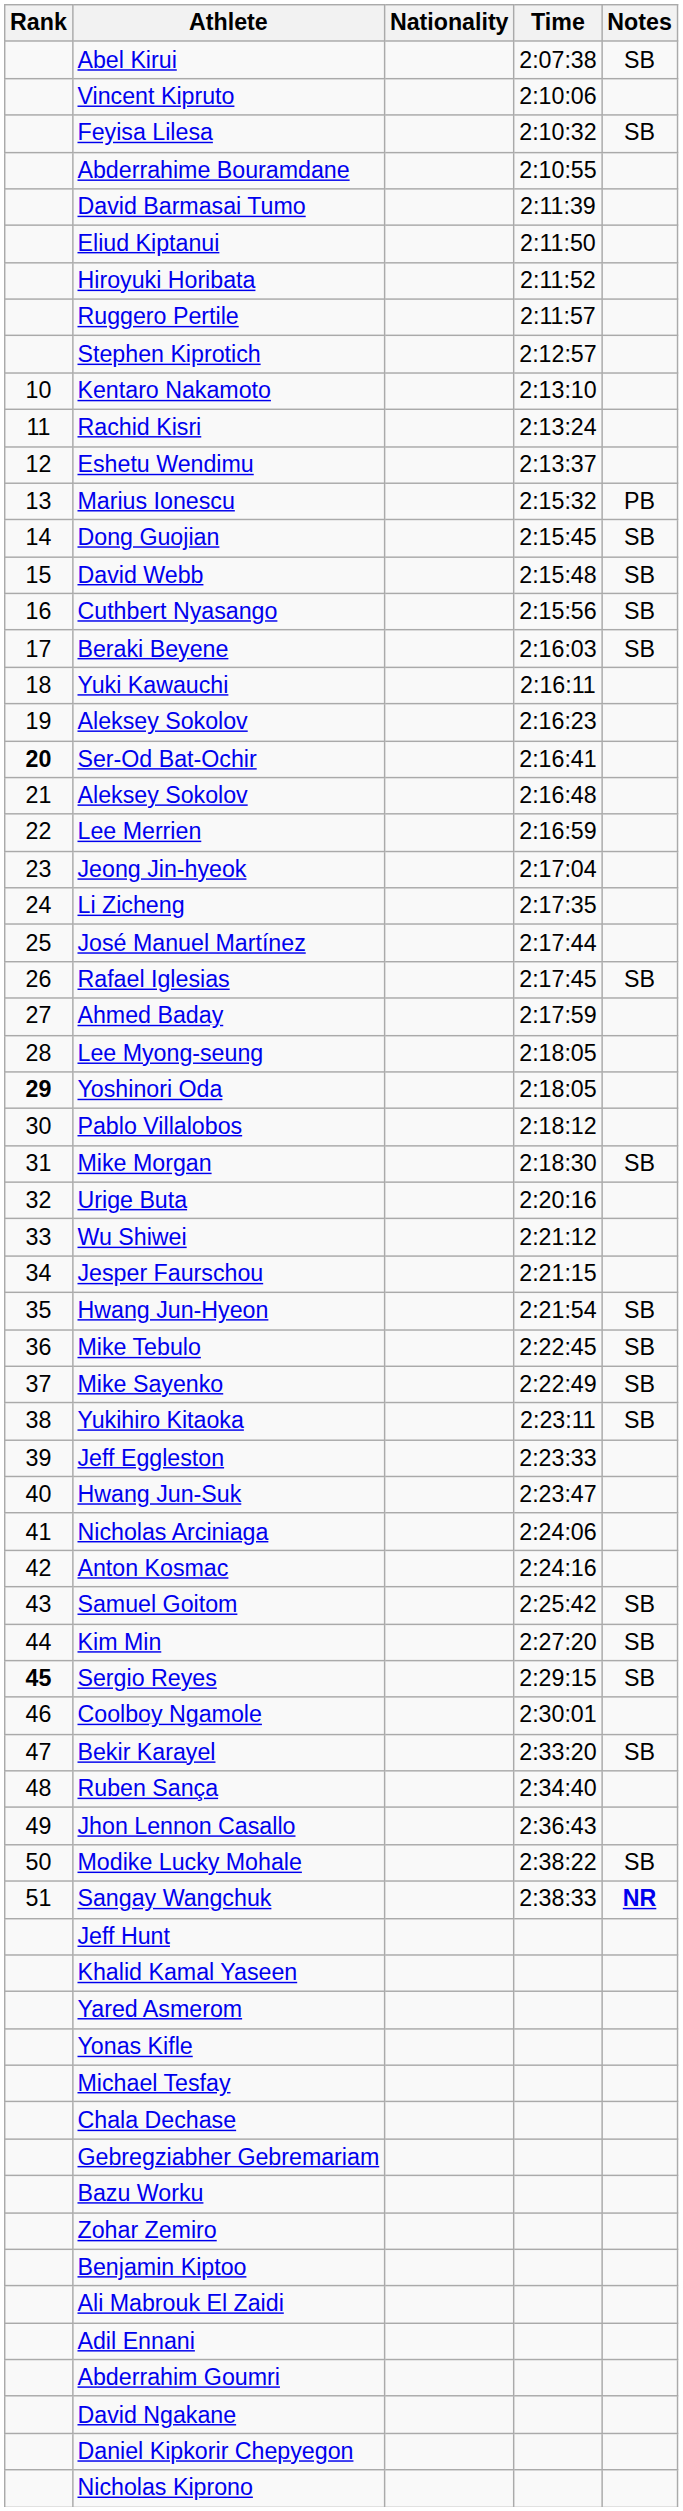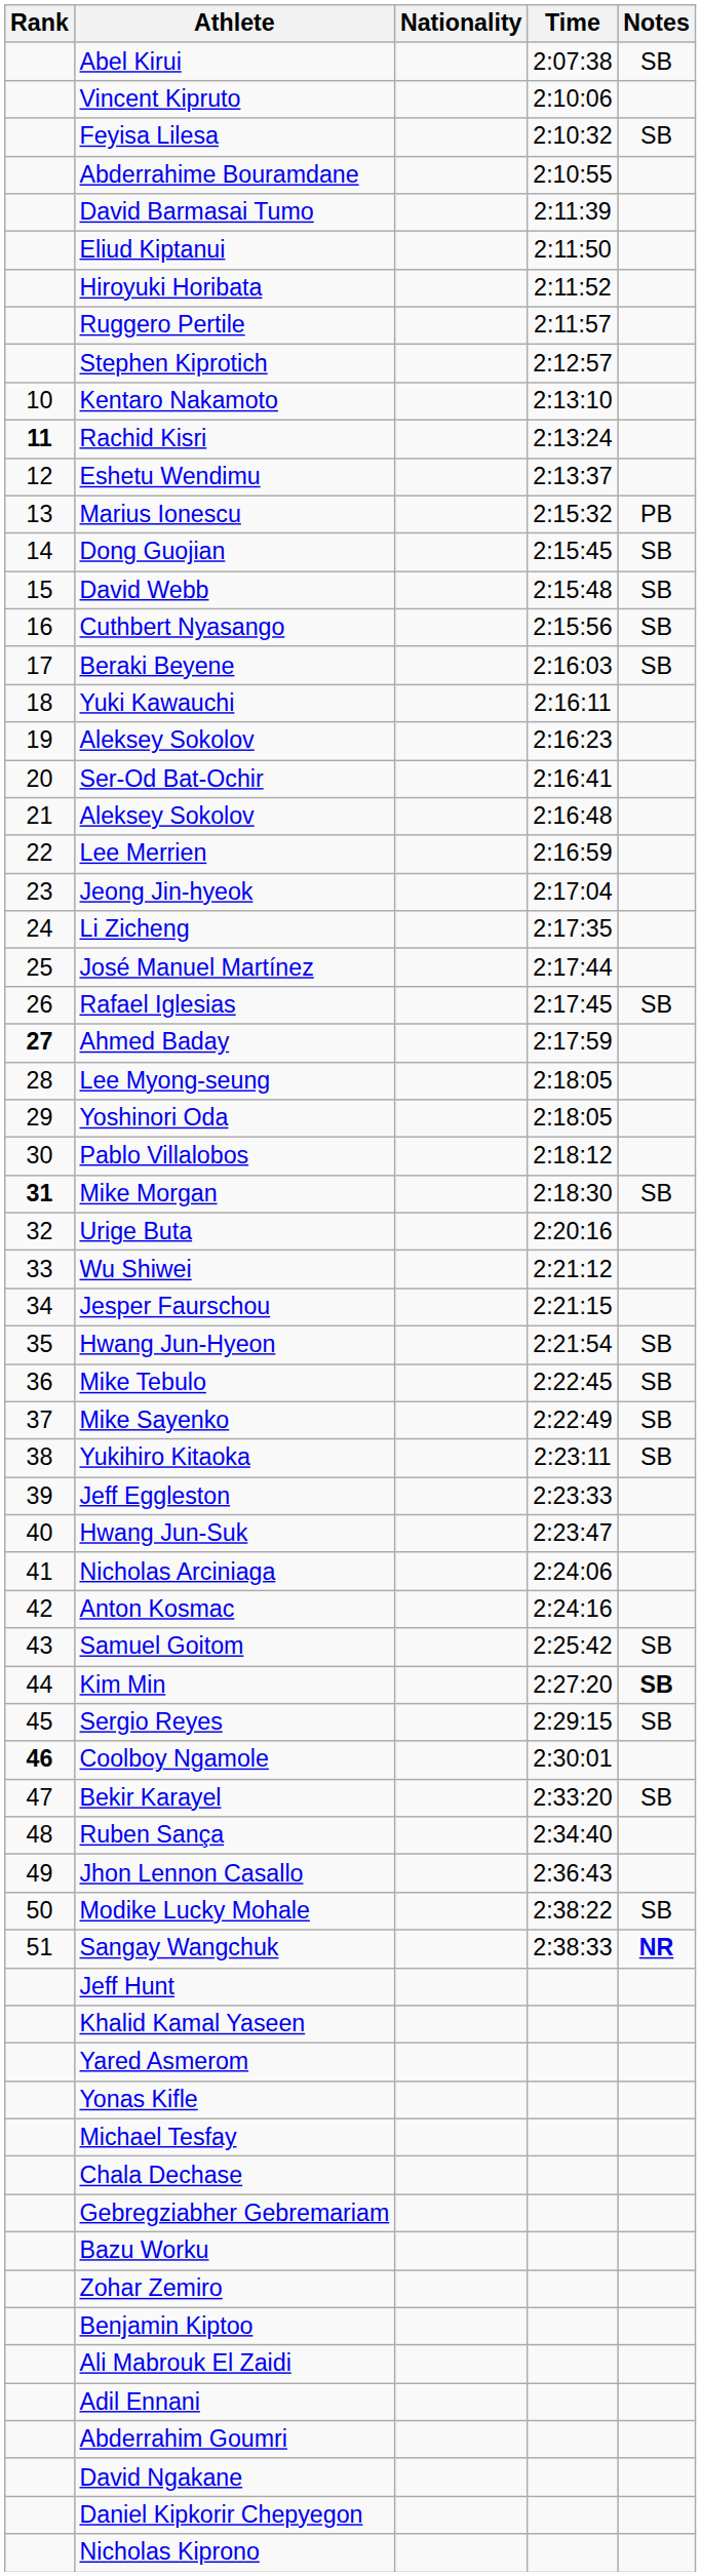 <table class="wikitable sortable" style=text-align:center>
 <tr>
 <th>Rank</th>
 <th>Athlete</th>
 <th>Nationality</th>
 <th>Time</th>
 <th>Notes</th>
 </tr>
 <tr>
 <td></td>
 <td align=left><a href='#'>Abel Kirui</a></td>
 <td align=left></td>
 <td>2:07:38</td>
 <td>SB</td>
 </tr>
 <tr>
 <td></td>
 <td align=left><a href='#'>Vincent Kipruto</a></td>
 <td align=left></td>
 <td>2:10:06</td>
 <td></td>
 </tr>
 <tr>
 <td></td>
 <td align=left><a href='#'>Feyisa Lilesa</a></td>
 <td align=left></td>
 <td>2:10:32</td>
 <td>SB</td>
 </tr>
 <tr>
 <td></td>
 <td align=left><a href='#'>Abderrahime Bouramdane</a></td>
 <td align=left></td>
 <td>2:10:55</td>
 <td></td>
 </tr>
 <tr>
 <td></td>
 <td align=left><a href='#'>David Barmasai Tumo</a></td>
 <td align=left></td>
 <td>2:11:39</td>
 <td></td>
 </tr>
 <tr>
 <td></td>
 <td align=left><a href='#'>Eliud Kiptanui</a></td>
 <td align=left></td>
 <td>2:11:50</td>
 <td></td>
 </tr>
 <tr>
 <td></td>
 <td align=left><a href='#'>Hiroyuki Horibata</a></td>
 <td align=left></td>
 <td>2:11:52</td>
 <td></td>
 </tr>
 <tr>
 <td></td>
 <td align=left><a href='#'>Ruggero Pertile</a></td>
 <td align=left></td>
 <td>2:11:57</td>
 <td></td>
 </tr>
 <tr>
 <td></td>
 <td align=left><a href='#'>Stephen Kiprotich</a></td>
 <td align=left></td>
 <td>2:12:57</td>
 <td></td>
 </tr>
 <tr>
 <td>10</td>
 <td align=left><a href='#'>Kentaro Nakamoto</a></td>
 <td align=left></td>
 <td>2:13:10</td>
 <td></td>
 </tr>
 <tr>
-<td>11</td>
+<td><strong>11</strong></td>
 <td align=left><a href='#'>Rachid Kisri</a></td>
 <td align=left></td>
 <td>2:13:24</td>
 <td></td>
 </tr>
 <tr>
 <td>12</td>
 <td align=left><a href='#'>Eshetu Wendimu</a></td>
 <td align=left></td>
 <td>2:13:37</td>
 <td></td>
 </tr>
 <tr>
 <td>13</td>
 <td align=left><a href='#'>Marius Ionescu</a></td>
 <td align=left></td>
 <td>2:15:32</td>
 <td>PB</td>
 </tr>
 <tr>
 <td>14</td>
 <td align=left><a href='#'>Dong Guojian</a></td>
 <td align=left></td>
 <td>2:15:45</td>
 <td>SB</td>
 </tr>
 <tr>
 <td>15</td>
 <td align=left><a href='#'>David Webb</a></td>
 <td align=left></td>
 <td>2:15:48</td>
 <td>SB</td>
 </tr>
 <tr>
 <td>16</td>
 <td align=left><a href='#'>Cuthbert Nyasango</a></td>
 <td align=left></td>
 <td>2:15:56</td>
 <td>SB</td>
 </tr>
 <tr>
 <td>17</td>
 <td align=left><a href='#'>Beraki Beyene</a></td>
 <td align=left></td>
 <td>2:16:03</td>
 <td>SB</td>
 </tr>
 <tr>
 <td>18</td>
 <td align=left><a href='#'>Yuki Kawauchi</a></td>
 <td align=left></td>
 <td>2:16:11</td>
 <td></td>
 </tr>
 <tr>
 <td>19</td>
 <td align=left><a href='#'>Aleksey Sokolov</a></td>
 <td align=left></td>
 <td>2:16:23</td>
 <td></td>
 </tr>
 <tr>
-<td><strong>20</strong></td>
+<td>20</td>
 <td align=left><a href='#'>Ser-Od Bat-Ochir</a></td>
 <td align=left></td>
 <td>2:16:41</td>
 <td></td>
 </tr>
 <tr>
 <td>21</td>
 <td align=left><a href='#'>Aleksey Sokolov</a></td>
 <td align=left></td>
 <td>2:16:48</td>
 <td></td>
 </tr>
 <tr>
 <td>22</td>
 <td align=left><a href='#'>Lee Merrien</a></td>
 <td align=left></td>
 <td>2:16:59</td>
 <td></td>
 </tr>
 <tr>
 <td>23</td>
 <td align=left><a href='#'>Jeong Jin-hyeok</a></td>
 <td align=left></td>
 <td>2:17:04</td>
 <td></td>
 </tr>
 <tr>
 <td>24</td>
 <td align=left><a href='#'>Li Zicheng</a></td>
 <td align=left></td>
 <td>2:17:35</td>
 <td></td>
 </tr>
 <tr>
 <td>25</td>
 <td align=left><a href='#'>José Manuel Martínez</a></td>
 <td align=left></td>
 <td>2:17:44</td>
 <td></td>
 </tr>
 <tr>
 <td>26</td>
 <td align=left><a href='#'>Rafael Iglesias</a></td>
 <td align=left></td>
 <td>2:17:45</td>
 <td>SB</td>
 </tr>
 <tr>
-<td>27</td>
+<td><strong>27</strong></td>
 <td align=left><a href='#'>Ahmed Baday</a></td>
 <td align=left></td>
 <td>2:17:59</td>
 <td></td>
 </tr>
 <tr>
 <td>28</td>
 <td align=left><a href='#'>Lee Myong-seung</a></td>
 <td align=left></td>
 <td>2:18:05</td>
 <td></td>
 </tr>
 <tr>
-<td><strong>29</strong></td>
+<td>29</td>
 <td align=left><a href='#'>Yoshinori Oda</a></td>
 <td align=left></td>
 <td>2:18:05</td>
 <td></td>
 </tr>
 <tr>
 <td>30</td>
 <td align=left><a href='#'>Pablo Villalobos</a></td>
 <td align=left></td>
 <td>2:18:12</td>
 <td></td>
 </tr>
 <tr>
-<td>31</td>
+<td><strong>31</strong></td>
 <td align=left><a href='#'>Mike Morgan</a></td>
 <td align=left></td>
 <td>2:18:30</td>
 <td>SB</td>
 </tr>
 <tr>
 <td>32</td>
 <td align=left><a href='#'>Urige Buta</a></td>
 <td align=left></td>
 <td>2:20:16</td>
 <td></td>
 </tr>
 <tr>
 <td>33</td>
 <td align=left><a href='#'>Wu Shiwei</a></td>
 <td align=left></td>
 <td>2:21:12</td>
 <td></td>
 </tr>
 <tr>
 <td>34</td>
 <td align=left><a href='#'>Jesper Faurschou</a></td>
 <td align=left></td>
 <td>2:21:15</td>
 <td></td>
 </tr>
 <tr>
 <td>35</td>
 <td align=left><a href='#'>Hwang Jun-Hyeon</a></td>
 <td align=left></td>
 <td>2:21:54</td>
 <td>SB</td>
 </tr>
 <tr>
 <td>36</td>
 <td align=left><a href='#'>Mike Tebulo</a></td>
 <td align=left></td>
 <td>2:22:45</td>
 <td>SB</td>
 </tr>
 <tr>
 <td>37</td>
 <td align=left><a href='#'>Mike Sayenko</a></td>
 <td align=left></td>
 <td>2:22:49</td>
 <td>SB</td>
 </tr>
 <tr>
 <td>38</td>
 <td align=left><a href='#'>Yukihiro Kitaoka</a></td>
 <td align=left></td>
 <td>2:23:11</td>
 <td>SB</td>
 </tr>
 <tr>
 <td>39</td>
 <td align=left><a href='#'>Jeff Eggleston</a></td>
 <td align=left></td>
 <td>2:23:33</td>
 <td></td>
 </tr>
 <tr>
 <td>40</td>
 <td align=left><a href='#'>Hwang Jun-Suk</a></td>
 <td align=left></td>
 <td>2:23:47</td>
 <td></td>
 </tr>
 <tr>
 <td>41</td>
 <td align=left><a href='#'>Nicholas Arciniaga</a></td>
 <td align=left></td>
 <td>2:24:06</td>
 <td></td>
 </tr>
 <tr>
 <td>42</td>
 <td align=left><a href='#'>Anton Kosmac</a></td>
 <td align=left></td>
 <td>2:24:16</td>
 <td></td>
 </tr>
 <tr>
 <td>43</td>
 <td align=left><a href='#'>Samuel Goitom</a></td>
 <td align=left></td>
 <td>2:25:42</td>
 <td>SB</td>
 </tr>
 <tr>
 <td>44</td>
 <td align=left><a href='#'>Kim Min</a></td>
 <td align=left></td>
 <td>2:27:20</td>
-<td>SB</td>
+<td><strong>SB</strong></td>
 </tr>
 <tr>
-<td><strong>45</strong></td>
+<td>45</td>
 <td align=left><a href='#'>Sergio Reyes</a></td>
 <td align=left></td>
 <td>2:29:15</td>
 <td>SB</td>
 </tr>
 <tr>
-<td>46</td>
+<td><strong>46</strong></td>
 <td align=left><a href='#'>Coolboy Ngamole</a></td>
 <td align=left></td>
 <td>2:30:01</td>
 <td></td>
 </tr>
 <tr>
 <td>47</td>
 <td align=left><a href='#'>Bekir Karayel</a></td>
 <td align=left></td>
 <td>2:33:20</td>
 <td>SB</td>
 </tr>
 <tr>
 <td>48</td>
 <td align=left><a href='#'>Ruben Sança</a></td>
 <td align=left></td>
 <td>2:34:40</td>
 <td></td>
 </tr>
 <tr>
 <td>49</td>
 <td align=left><a href='#'>Jhon Lennon Casallo</a></td>
 <td align=left></td>
 <td>2:36:43</td>
 <td></td>
 </tr>
 <tr>
 <td>50</td>
 <td align=left><a href='#'>Modike Lucky Mohale</a></td>
 <td align=left></td>
 <td>2:38:22</td>
 <td>SB</td>
 </tr>
 <tr>
 <td>51</td>
 <td align=left><a href='#'>Sangay Wangchuk</a></td>
 <td align=left></td>
 <td>2:38:33</td>
 <td><strong><a href='#'>NR</a></strong></td>
 </tr>
 <tr>
 <td></td>
 <td align=left><a href='#'>Jeff Hunt</a></td>
 <td align=left></td>
 <td></td>
 <td></td>
 </tr>
 <tr>
 <td></td>
 <td align=left><a href='#'>Khalid Kamal Yaseen</a></td>
 <td align=left></td>
 <td></td>
 <td></td>
 </tr>
 <tr>
 <td></td>
 <td align=left><a href='#'>Yared Asmerom</a></td>
 <td align=left></td>
 <td></td>
 <td></td>
 </tr>
 <tr>
 <td></td>
 <td align=left><a href='#'>Yonas Kifle</a></td>
 <td align=left></td>
 <td></td>
 <td></td>
 </tr>
 <tr>
 <td></td>
 <td align=left><a href='#'>Michael Tesfay</a></td>
 <td align=left></td>
 <td></td>
 <td></td>
 </tr>
 <tr>
 <td></td>
 <td align=left><a href='#'>Chala Dechase</a></td>
 <td align=left></td>
 <td></td>
 <td></td>
 </tr>
 <tr>
 <td></td>
 <td align=left><a href='#'>Gebregziabher Gebremariam</a></td>
 <td align=left></td>
 <td></td>
 <td></td>
 </tr>
 <tr>
 <td></td>
 <td align=left><a href='#'>Bazu Worku</a></td>
 <td align=left></td>
 <td></td>
 <td></td>
 </tr>
 <tr>
 <td></td>
 <td align=left><a href='#'>Zohar Zemiro</a></td>
 <td align=left></td>
 <td></td>
 <td></td>
 </tr>
 <tr>
 <td></td>
 <td align=left><a href='#'>Benjamin Kiptoo</a></td>
 <td align=left></td>
 <td></td>
 <td></td>
 </tr>
 <tr>
 <td></td>
 <td align=left><a href='#'>Ali Mabrouk El Zaidi</a></td>
 <td align=left></td>
 <td></td>
 <td></td>
 </tr>
 <tr>
 <td></td>
 <td align=left><a href='#'>Adil Ennani</a></td>
 <td align=left></td>
 <td></td>
 <td></td>
 </tr>
 <tr>
 <td></td>
 <td align=left><a href='#'>Abderrahim Goumri</a></td>
 <td align=left></td>
 <td></td>
 <td></td>
 </tr>
 <tr>
 <td></td>
 <td align=left><a href='#'>David Ngakane</a></td>
 <td align=left></td>
 <td></td>
 <td></td>
 </tr>
 <tr>
 <td></td>
 <td align=left><a href='#'>Daniel Kipkorir Chepyegon</a></td>
 <td align=left></td>
 <td></td>
 <td></td>
 </tr>
 <tr>
 <td></td>
 <td align=left><a href='#'>Nicholas Kiprono</a></td>
 <td align=left></td>
 <td></td>
 <td></td>
 </tr>
 </table>
